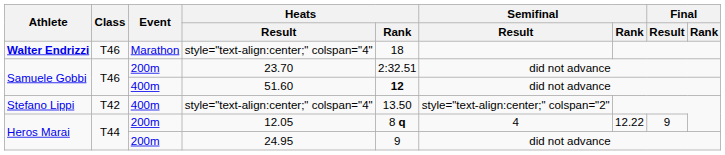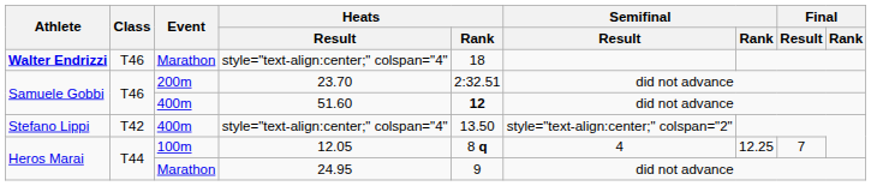 <table class=wikitable style="font-size:90%">
 <tr>
 <th rowspan="2">Athlete</th>
 <th rowspan="2">Class</th>
 <th rowspan="2">Event</th>
 <th colspan="2">Heats</th>
 <th colspan="2">Semifinal</th>
 <th colspan="2">Final</th>
 </tr>
 <tr>
 <th>Result</th>
 <th>Rank</th>
 <th>Result</th>
 <th>Rank</th>
 <th>Result</th>
 <th>Rank</th>
 </tr>
 <tr>
 <td><strong><a href='#'>Walter Endrizzi</a></strong></td>
 <td style="text-align:center;">T46</td>
 <td><a href='#'>Marathon</a></td>
 <td>style="text-align:center;" colspan="4" </td>
 <td style="text-align:center;">18</td>
 <td style="text-align:center;"></td>
 </tr>
 <tr>
 <td rowspan="2"><a href='#'>Samuele Gobbi</a></td>
 <td rowspan="2" style="text-align:center;">T46</td>
 <td><a href='#'>200m</a></td>
 <td style="text-align:center;">23.70</td>
 <td style="text-align:center;">2:32.51</td>
 <td style="text-align:center;" colspan="4">did not advance</td>
 </tr>
 <tr>
 <td><a href='#'>400m</a></td>
 <td style="text-align:center;">51.60</td>
 <td style="text-align:center;"><strong>12</strong></td>
 <td style="text-align:center;" colspan="4">did not advance</td>
 </tr>
 <tr>
 <td><a href='#'>Stefano Lippi</a></td>
 <td style="text-align:center;">T42</td>
 <td><a href='#'>400m</a></td>
 <td>style="text-align:center;" colspan="4" </td>
 <td style="text-align:center;">13.50</td>
 <td>style="text-align:center;" colspan="2" </td>
 </tr>
 <tr>
 <td rowspan="2"><a href='#'>Heros Marai</a></td>
 <td rowspan="2" style="text-align:center;">T44</td>
-<td><a href='#'>200m</a></td>
+<td><a href='#'>100m</a></td>
 <td style="text-align:center;">12.05</td>
 <td style="text-align:center;">8 <strong>q</strong></td>
 <td style="text-align:center;">4</td>
-<td style="text-align:center;">12.22</td>
-<td style="text-align:center;">9</td>
+<td style="text-align:center;">12.25</td>
+<td style="text-align:center;">7</td>
 </tr>
 <tr>
-<td><a href='#'>200m</a></td>
+<td><a href='#'>Marathon</a></td>
 <td style="text-align:center;">24.95</td>
 <td style="text-align:center;">9</td>
 <td style="text-align:center;" colspan="4">did not advance</td>
 </tr>
 </table>
